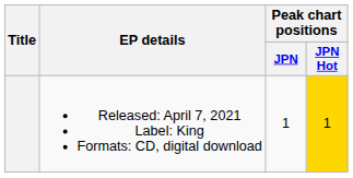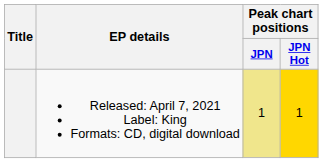 <table class="wikitable plainrowheaders" style="text-align:center;">
 <tr>
 <th scope="col" rowspan="2">Title</th>
 <th scope="col" rowspan="2">EP details</th>
 <th scope="col" colspan="2">Peak chart positions</th>
 </tr>
 <tr>
 <th scope="col" style="font-size:90%; width:2.85em"><a href='#'>JPN</a><br></th>
 <th scope="col" style="font-size:90%; width:2.85em"><a href='#'>JPN Hot</a><br></th>
 </tr>
 <tr>
 <th scope="row"></th>
 <td><br><ul><li>Released: April 7, 2021</li><li>Label: King</li><li>Formats: CD, digital download</li></ul></td>
-<td>1</td>
+<td style="background: khaki;">1</td>
 <td style="background: gold;">1</td>
 </tr>
 </table>
